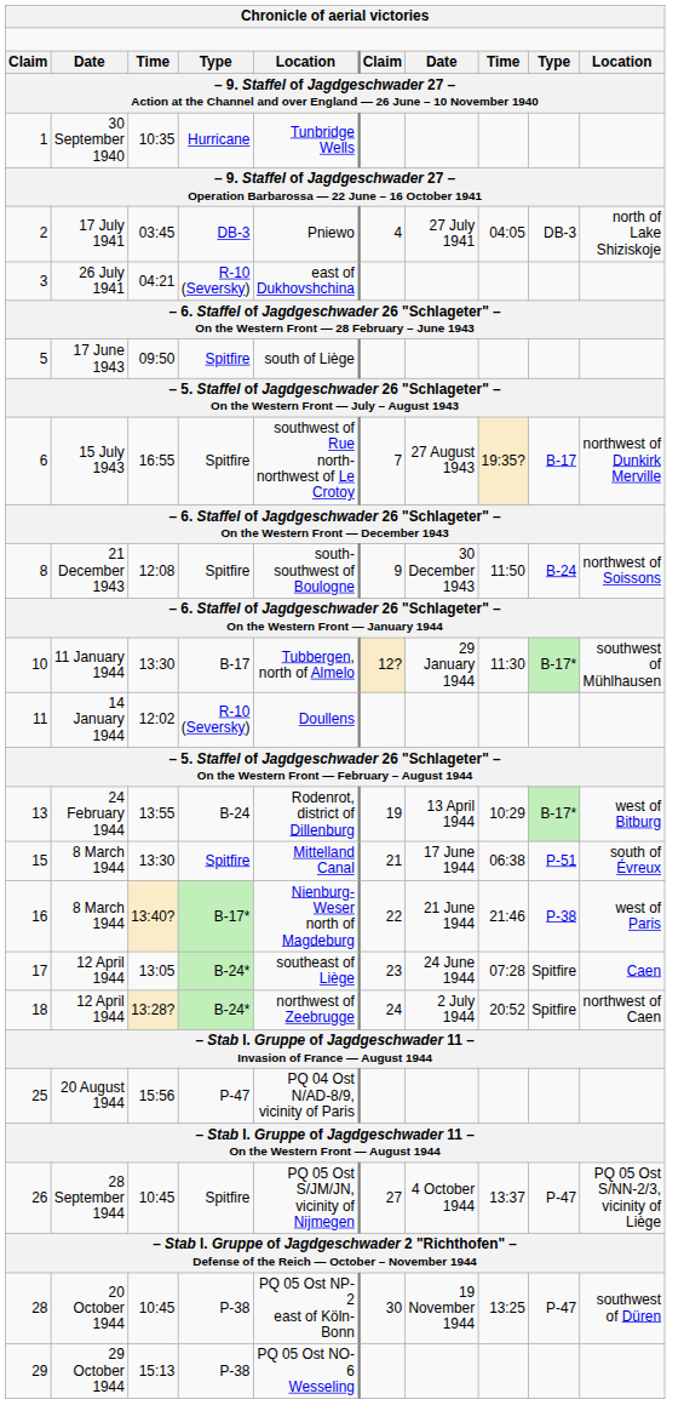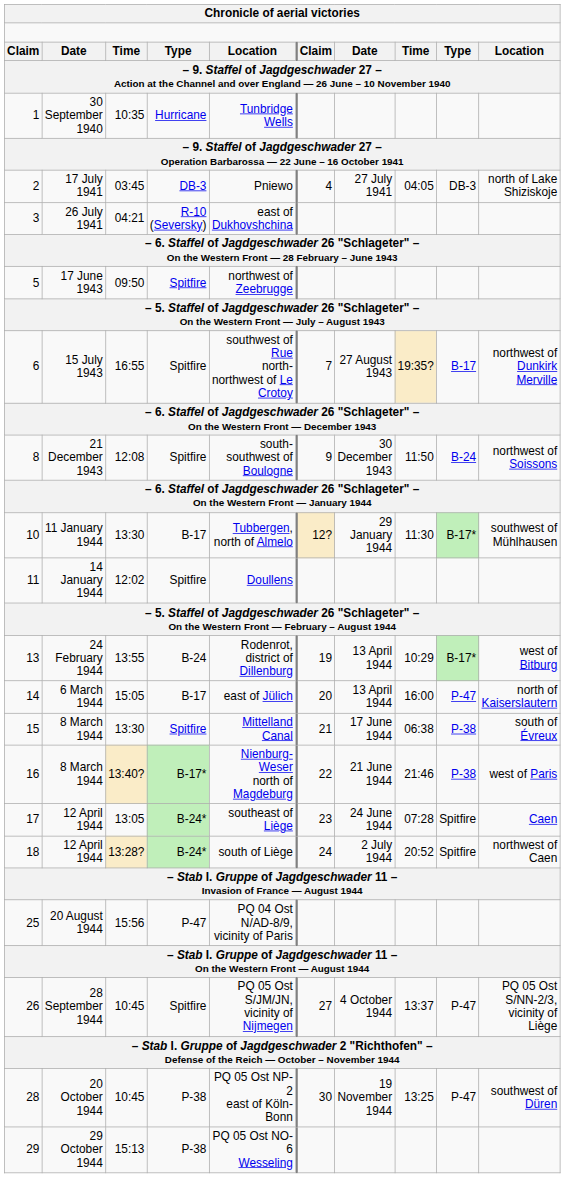 <table class="wikitable plainrowheaders collapsible" style="margin-left: auto; margin-right: auto; border: none; text-align:right; width: 100%;">
 <tr>
 <th colspan="10">Chronicle of aerial victories</th>
 </tr>
 <tr>
 <td colspan="10" style="text-align: left;"><br> </td>
 </tr>
 <tr>
 <th scope="col" width="100px">Claim</th>
 <th scope="col">Date</th>
 <th scope="col">Time</th>
 <th scope="col" width="100px">Type</th>
 <th scope="col">Location</th>
 <th scope="col" style="border-left: 3px solid grey;" width="100px">Claim</th>
 <th scope="col">Date</th>
 <th scope="col">Time</th>
 <th scope="col" width="100px">Type</th>
 <th scope="col">Location</th>
 </tr>
 <tr>
 <th colspan="10">– 9. <em>Staffel</em> of <em>Jagdgeschwader</em> 27 –<br><small>Action at the Channel and over England — 26 June – 10 November 1940</small></th>
 </tr>
 <tr>
 <td>1</td>
 <td>30 September 1940</td>
 <td>10:35</td>
 <td><a href='#'>Hurricane</a></td>
 <td><a href='#'>Tunbridge Wells</a></td>
 <td style="border-left: 3px solid grey;"></td>
 <td></td>
 <td></td>
 <td></td>
 <td></td>
 </tr>
 <tr>
 <th colspan="10">– 9. <em>Staffel</em> of <em>Jagdgeschwader</em> 27 –<br><small>Operation Barbarossa — 22 June – 16 October 1941</small></th>
 </tr>
 <tr>
 <td>2</td>
 <td>17 July 1941</td>
 <td>03:45</td>
 <td><a href='#'>DB-3</a></td>
 <td>Pniewo</td>
 <td style="border-left: 3px solid grey;">4</td>
 <td>27 July 1941</td>
 <td>04:05</td>
 <td>DB-3</td>
 <td>north of Lake Shiziskoje</td>
 </tr>
 <tr>
 <td>3</td>
 <td>26 July 1941</td>
 <td>04:21</td>
 <td><a href='#'>R-10</a> (<a href='#'>Seversky</a>)</td>
 <td>east of <a href='#'>Dukhovshchina</a></td>
 <td style="border-left: 3px solid grey;"></td>
 <td></td>
 <td></td>
 <td></td>
 <td></td>
 </tr>
 <tr>
 <th colspan="10">– 6. <em>Staffel</em> of <em>Jagdgeschwader</em> 26 "Schlageter" –<br><small>On the Western Front — 28 February – June 1943</small></th>
 </tr>
 <tr>
 <td>5</td>
 <td>17 June 1943</td>
 <td>09:50</td>
 <td><a href='#'>Spitfire</a></td>
-<td>south of Liège</td>
+<td> northwest of <a href='#'>Zeebrugge</a></td>
 <td style="border-left: 3px solid grey;"></td>
 <td></td>
 <td></td>
 <td></td>
 <td></td>
 </tr>
 <tr>
 <th colspan="10">– 5. <em>Staffel</em> of <em>Jagdgeschwader</em> 26 "Schlageter" –<br><small>On the Western Front — July – August 1943</small></th>
 </tr>
 <tr>
 <td>6</td>
 <td>15 July 1943</td>
 <td>16:55</td>
 <td>Spitfire</td>
 <td> southwest of <a href='#'>Rue</a><br> north-northwest of <a href='#'>Le Crotoy</a></td>
 <td style="border-left: 3px solid grey;">7</td>
 <td>27 August 1943</td>
 <td style="background:#faecc8">19:35?</td>
 <td><a href='#'>B-17</a></td>
 <td> northwest of <a href='#'>Dunkirk</a><br><a href='#'>Merville</a></td>
 </tr>
 <tr>
 <th colspan="10">– 6. <em>Staffel</em> of <em>Jagdgeschwader</em> 26 "Schlageter" –<br><small>On the Western Front — December 1943</small></th>
 </tr>
 <tr>
 <td>8</td>
 <td>21 December 1943</td>
 <td>12:08</td>
 <td>Spitfire</td>
 <td> south-southwest of <a href='#'>Boulogne</a></td>
 <td style="border-left: 3px solid grey;">9</td>
 <td>30 December 1943</td>
 <td>11:50</td>
 <td><a href='#'>B-24</a></td>
 <td> northwest of <a href='#'>Soissons</a></td>
 </tr>
 <tr>
 <th colspan="10">– 6. <em>Staffel</em> of <em>Jagdgeschwader</em> 26 "Schlageter" –<br><small>On the Western Front — January 1944</small></th>
 </tr>
 <tr>
 <td>10</td>
 <td>11 January 1944</td>
 <td>13:30</td>
 <td>B-17</td>
 <td><a href='#'>Tubbergen</a>,  north of <a href='#'>Almelo</a></td>
 <td style="border-left: 3px solid grey; background:#faecc8">12?</td>
 <td>29 January 1944</td>
 <td>11:30</td>
 <td style="background:#C0EFBA">B-17*</td>
 <td> southwest of Mühlhausen</td>
 </tr>
 <tr>
 <td>11</td>
 <td>14 January 1944</td>
 <td>12:02</td>
-<td><a href='#'>R-10</a> (<a href='#'>Seversky</a>)</td>
+<td>Spitfire</td>
 <td><a href='#'>Doullens</a></td>
 <td style="border-left: 3px solid grey;"></td>
 <td></td>
 <td></td>
 <td></td>
 <td></td>
 </tr>
 <tr>
 <th colspan="10">– 5. <em>Staffel</em> of <em>Jagdgeschwader</em> 26 "Schlageter" –<br><small>On the Western Front — February – August 1944</small></th>
 </tr>
 <tr>
 <td>13</td>
 <td>24 February 1944</td>
 <td>13:55</td>
 <td>B-24</td>
 <td>Rodenrot, district of <a href='#'>Dillenburg</a></td>
 <td style="border-left: 3px solid grey;">19</td>
 <td>13 April 1944</td>
 <td>10:29</td>
 <td style="background:#C0EFBA">B-17*</td>
 <td> west of <a href='#'>Bitburg</a></td>
 </tr>
 <tr>
+<td>14</td>
+<td>6 March 1944</td>
+<td>15:05</td>
+<td>B-17</td>
+<td> east of <a href='#'>Jülich</a></td>
+<td style="border-left: 3px solid grey;">20</td>
+<td>13 April 1944</td>
+<td>16:00</td>
+<td><a href='#'>P-47</a></td>
+<td> north of <a href='#'>Kaiserslautern</a></td>
+</tr>
+<tr>
 <td>15</td>
 <td>8 March 1944</td>
 <td>13:30</td>
 <td><a href='#'>Spitfire</a></td>
 <td><a href='#'>Mittelland Canal</a></td>
 <td style="border-left: 3px solid grey;">21</td>
 <td>17 June 1944</td>
 <td>06:38</td>
-<td><a href='#'>P-51</a></td>
+<td><a href='#'>P-38</a></td>
 <td>south of <a href='#'>Évreux</a></td>
 </tr>
 <tr>
 <td>16</td>
 <td>8 March 1944</td>
 <td style="background:#faecc8">13:40?</td>
 <td style="background:#C0EFBA">B-17*</td>
 <td><a href='#'>Nienburg-Weser</a><br>north of <a href='#'>Magdeburg</a></td>
 <td style="border-left: 3px solid grey;">22</td>
 <td>21 June 1944</td>
 <td>21:46</td>
 <td><a href='#'>P-38</a></td>
 <td>west of <a href='#'>Paris</a></td>
 </tr>
 <tr>
 <td>17</td>
 <td>12 April 1944</td>
 <td>13:05</td>
 <td style="background:#C0EFBA">B-24*</td>
 <td>southeast of <a href='#'>Liège</a></td>
 <td style="border-left: 3px solid grey;">23</td>
 <td>24 June 1944</td>
 <td>07:28</td>
 <td>Spitfire</td>
 <td><a href='#'>Caen</a></td>
 </tr>
 <tr>
 <td>18</td>
 <td>12 April 1944</td>
 <td style="background:#faecc8">13:28?</td>
 <td style="background:#C0EFBA">B-24*</td>
-<td> northwest of <a href='#'>Zeebrugge</a></td>
+<td>south of Liège</td>
 <td style="border-left: 3px solid grey;">24</td>
 <td>2 July 1944</td>
 <td>20:52</td>
 <td>Spitfire</td>
 <td>northwest of Caen</td>
 </tr>
 <tr>
 <th colspan="10">– <em>Stab</em> I. <em>Gruppe</em> of <em>Jagdgeschwader</em> 11 –<br><small>Invasion of France — August 1944</small></th>
 </tr>
 <tr>
 <td>25</td>
 <td>20 August 1944</td>
 <td>15:56</td>
 <td>P-47</td>
 <td>PQ 04 Ost N/AD-8/9, vicinity of Paris</td>
 <td style="border-left: 3px solid grey;"></td>
 <td></td>
 <td></td>
 <td></td>
 <td></td>
 </tr>
 <tr>
 <th colspan="10">– <em>Stab</em> I. <em>Gruppe</em> of <em>Jagdgeschwader</em> 11 –<br><small>On the Western Front — August 1944</small></th>
 </tr>
 <tr>
 <td>26</td>
 <td>28 September 1944</td>
 <td>10:45</td>
 <td>Spitfire</td>
 <td>PQ 05 Ost S/JM/JN, vicinity of <a href='#'>Nijmegen</a></td>
 <td style="border-left: 3px solid grey;">27</td>
 <td>4 October 1944</td>
 <td>13:37</td>
 <td>P-47</td>
 <td>PQ 05 Ost S/NN-2/3, vicinity of Liège</td>
 </tr>
 <tr>
 <th colspan="10">– <em>Stab</em> I. <em>Gruppe</em> of <em>Jagdgeschwader</em> 2 "Richthofen" –<br><small>Defense of the Reich — October – November 1944</small></th>
 </tr>
 <tr>
 <td>28</td>
 <td>20 October 1944</td>
 <td>10:45</td>
 <td>P-38</td>
 <td>PQ 05 Ost NP-2<br>east of Köln-Bonn</td>
 <td style="border-left: 3px solid grey;">30</td>
 <td>19 November 1944</td>
 <td>13:25</td>
 <td>P-47</td>
 <td>southwest of <a href='#'>Düren</a></td>
 </tr>
 <tr>
 <td>29</td>
 <td>29 October 1944</td>
 <td>15:13</td>
 <td>P-38</td>
 <td>PQ 05 Ost NO-6<br><a href='#'>Wesseling</a></td>
 <td style="border-left: 3px solid grey;"></td>
 <td></td>
 <td></td>
 <td></td>
 <td></td>
 </tr>
 </table>
